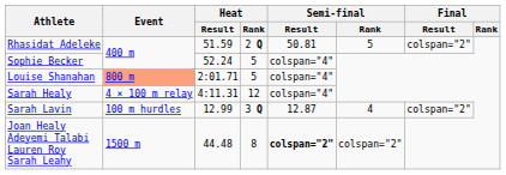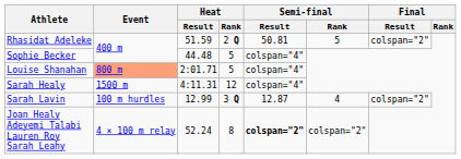 <table class="wikitable" style="font-size:90%">
 <tr>
 <th rowspan="2">Athlete</th>
 <th rowspan="2">Event</th>
 <th colspan="2">Heat</th>
 <th colspan="2">Semi-final</th>
 <th colspan="2">Final</th>
 </tr>
 <tr style="font-size:95%">
 <th>Result</th>
 <th>Rank</th>
 <th>Result</th>
 <th>Rank</th>
 <th>Result</th>
 <th>Rank</th>
 </tr>
 <tr align=center>
 <td align=left><a href='#'>Rhasidat Adeleke</a></td>
 <td rowspan="2" align=left><a href='#'>400 m</a></td>
 <td>51.59</td>
 <td>2 <strong>Q</strong></td>
 <td>50.81</td>
 <td>5</td>
 <td>colspan="2" </td>
 </tr>
 <tr align=center>
 <td align=left><a href='#'>Sophie Becker</a></td>
-<td>52.24</td>
+<td>44.48</td>
 <td>5</td>
 <td>colspan="4" </td>
 </tr>
 <tr align=center>
 <td align=left><a href='#'>Louise Shanahan</a></td>
 <td align=left style="background: lightsalmon;"><a href='#'>800 m</a></td>
 <td>2:01.71</td>
 <td>5</td>
 <td>colspan="4" </td>
 </tr>
 <tr align=center>
 <td align=left><a href='#'>Sarah Healy</a></td>
-<td align=left><a href='#'>4 × 100 m relay</a></td>
+<td align=left><a href='#'>1500 m</a></td>
 <td>4:11.31</td>
 <td>12</td>
 <td>colspan="4" </td>
 </tr>
 <tr align=center>
 <td align=left><a href='#'>Sarah Lavin</a></td>
 <td align=left><a href='#'>100 m hurdles</a></td>
 <td>12.99</td>
 <td>3 <strong>Q</strong></td>
 <td>12.87</td>
 <td>4</td>
 <td>colspan="2" </td>
 </tr>
 <tr align=center>
 <td align=left><a href='#'>Joan Healy</a><br><a href='#'>Adeyemi Talabi</a><br><a href='#'>Lauren Roy</a><br><a href='#'>Sarah Leahy</a></td>
-<td align=left><a href='#'>1500 m</a></td>
-<td>44.48</td>
+<td align=left><a href='#'>4 × 100 m relay</a></td>
+<td>52.24</td>
 <td>8</td>
 <td><strong>colspan="2" </strong></td>
 <td>colspan="2" </td>
 </tr>
 </table>
